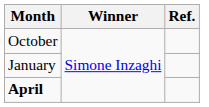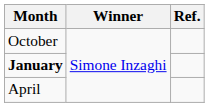 <table class="wikitable">
 <tr>
 <th>Month</th>
 <th>Winner</th>
 <th>Ref.</th>
 </tr>
 <tr>
 <td>October</td>
 <td rowspan=3> <a href='#'>Simone Inzaghi</a></td>
 <td></td>
 </tr>
 <tr>
-<td>January</td>
+<td><strong>January</strong></td>
 <td></td>
 </tr>
 <tr>
-<td><strong>April</strong></td>
+<td>April</td>
 <td></td>
 </tr>
 </table>
